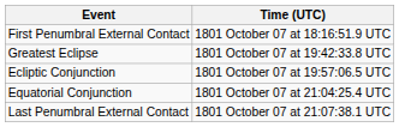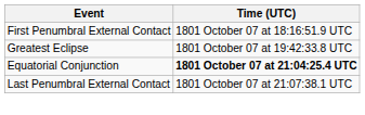 <table class="wikitable">
 <tr>
 <th>Event</th>
 <th>Time (UTC)</th>
 </tr>
 <tr>
 <td>First Penumbral External Contact</td>
 <td>1801 October 07 at 18:16:51.9 UTC</td>
 </tr>
 <tr>
 <td>Greatest Eclipse</td>
 <td>1801 October 07 at 19:42:33.8 UTC</td>
 </tr>
 <tr>
-<td>Ecliptic Conjunction</td>
-<td>1801 October 07 at 19:57:06.5 UTC</td>
-</tr>
-<tr>
 <td>Equatorial Conjunction</td>
-<td>1801 October 07 at 21:04:25.4 UTC</td>
+<td><strong>1801 October 07 at 21:04:25.4 UTC</strong></td>
 </tr>
 <tr>
 <td>Last Penumbral External Contact</td>
 <td>1801 October 07 at 21:07:38.1 UTC</td>
 </tr>
 </table>
